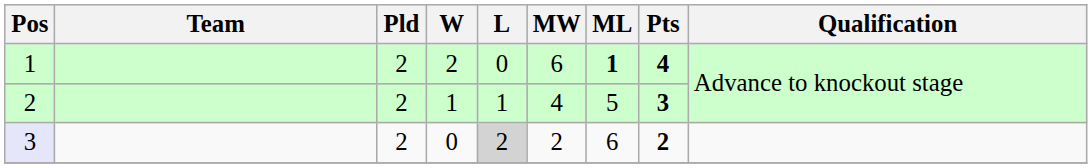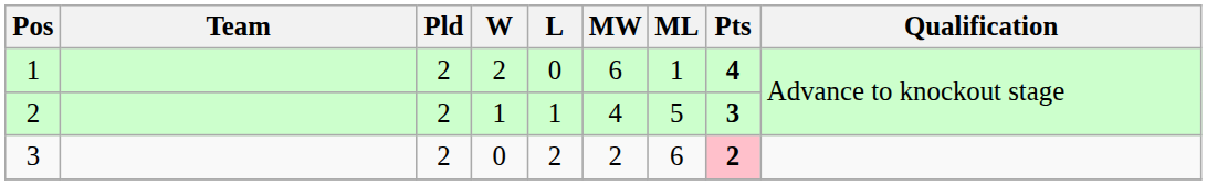 <table class="wikitable" style="text-align:center">
 <tr>
 <th width=25>Pos</th>
 <th width=200>Team</th>
 <th width=25>Pld</th>
 <th width=25>W</th>
 <th width=25>L</th>
 <th width=25>MW</th>
 <th width=25>ML</th>
 <th width=25>Pts</th>
 <th width=250>Qualification</th>
 </tr>
 <tr bgcolor=ccffcc>
 <td>1</td>
 <td style="text-align:left;"></td>
 <td>2</td>
 <td>2</td>
 <td>0</td>
 <td>6</td>
-<td><strong>1</strong></td>
+<td>1</td>
 <td><strong>4</strong></td>
 <td rowspan=2 style="text-align:left;">Advance to knockout stage</td>
 </tr>
 <tr bgcolor=ccffcc>
 <td>2</td>
 <td style="text-align:left;"></td>
 <td>2</td>
 <td>1</td>
 <td>1</td>
 <td>4</td>
 <td>5</td>
 <td><strong>3</strong></td>
 </tr>
 <tr>
-<td style="background: lavender;">3</td>
+<td>3</td>
 <td style="text-align:left;"></td>
 <td>2</td>
 <td>0</td>
-<td style="background: lightgrey;">2</td>
+<td>2</td>
 <td>2</td>
 <td>6</td>
-<td><strong>2</strong></td>
+<td style="background: pink;"><strong>2</strong></td>
 <td></td>
 </tr>
 <tr>
 </tr>
 </table>
